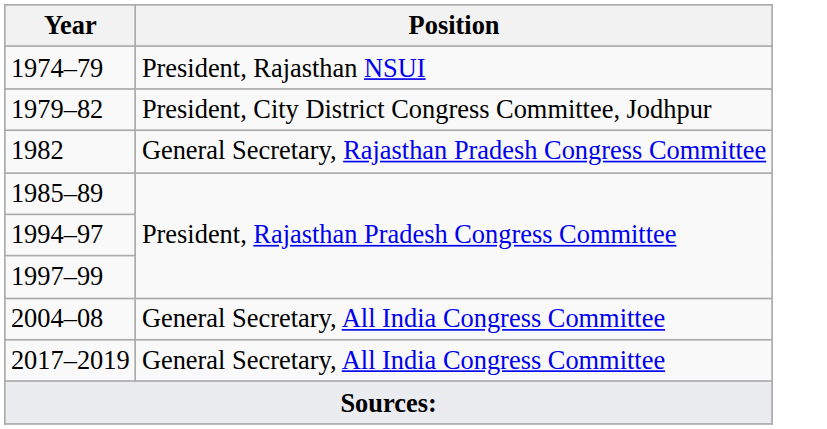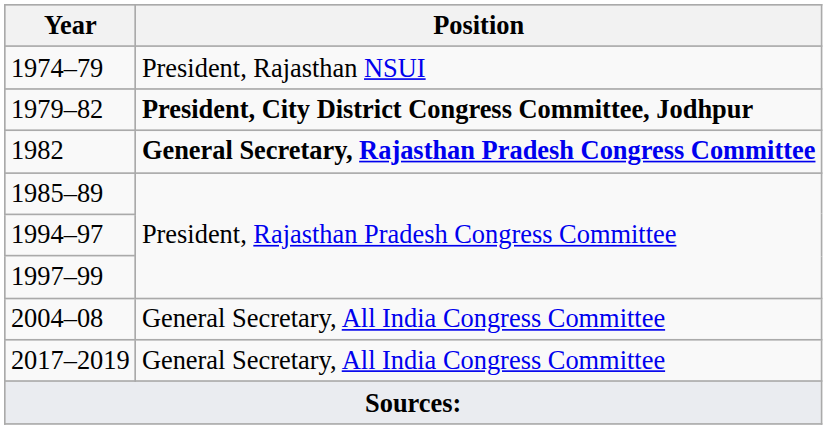 <table class="wikitable">
 <tr>
 <th>Year</th>
 <th>Position</th>
 </tr>
 <tr>
 <td>1974–79</td>
 <td>President, Rajasthan <a href='#'>NSUI</a></td>
 </tr>
 <tr>
 <td>1979–82</td>
-<td>President, City District Congress Committee, Jodhpur</td>
+<td><strong>President, City District Congress Committee, Jodhpur</strong></td>
 </tr>
 <tr>
 <td>1982</td>
-<td>General Secretary, <a href='#'>Rajasthan Pradesh Congress Committee</a></td>
+<td><strong>General Secretary, <a href='#'>Rajasthan Pradesh Congress Committee</a></strong></td>
 </tr>
 <tr>
 <td>1985–89</td>
 <td rowspan="3">President, <a href='#'>Rajasthan Pradesh Congress Committee</a></td>
 </tr>
 <tr>
 <td>1994–97</td>
 </tr>
 <tr>
 <td>1997–99</td>
 </tr>
 <tr>
 <td>2004–08</td>
 <td>General Secretary, <a href='#'>All India Congress Committee</a></td>
 </tr>
 <tr>
 <td>2017–2019</td>
 <td>General Secretary, <a href='#'>All India Congress Committee</a></td>
 </tr>
 <tr class="sortbottom">
 <td colspan="2" align="bottom" style="background-color:#EAECF0; text-align:center"><strong>Sources:</strong></td>
 </tr>
 </table>
